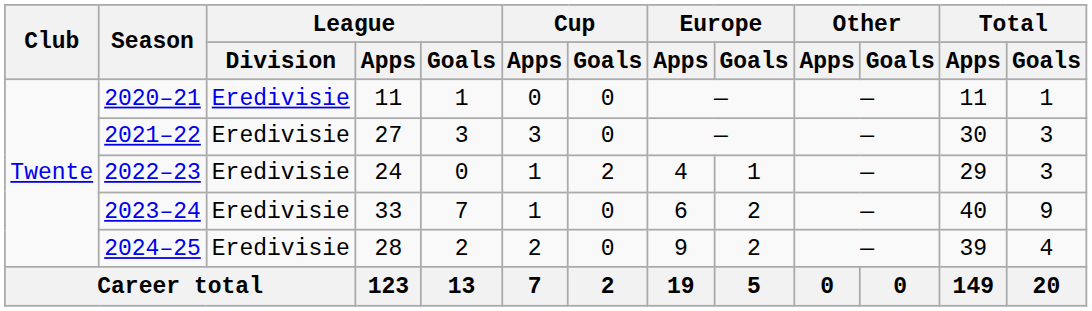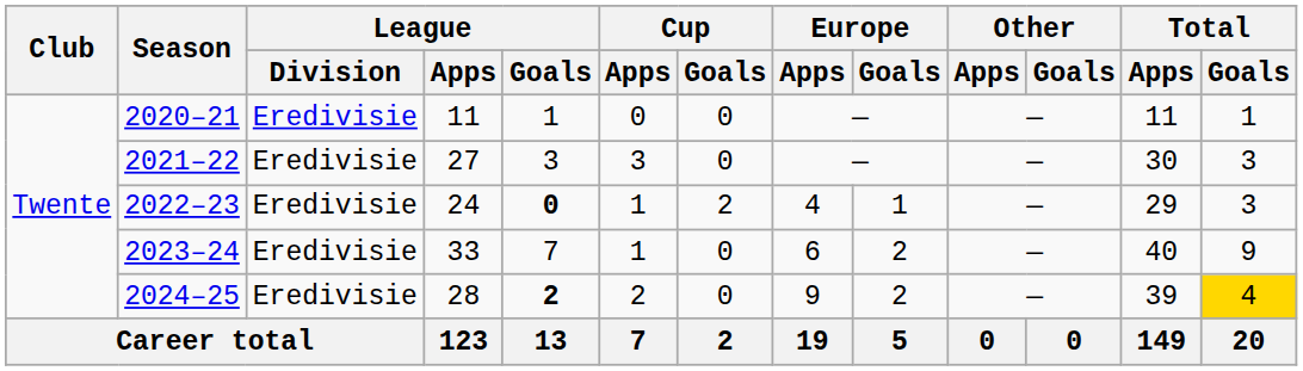 <table class="wikitable" style="text-align: center">
 <tr>
 <th rowspan="2">Club</th>
 <th rowspan="2">Season</th>
 <th colspan="3">League</th>
 <th colspan="2">Cup</th>
 <th colspan="2">Europe</th>
 <th colspan="2">Other</th>
 <th colspan="2">Total</th>
 </tr>
 <tr>
 <th>Division</th>
 <th>Apps</th>
 <th>Goals</th>
 <th>Apps</th>
 <th>Goals</th>
 <th>Apps</th>
 <th>Goals</th>
 <th>Apps</th>
 <th>Goals</th>
 <th>Apps</th>
 <th>Goals</th>
 </tr>
 <tr>
 <td rowspan="5"><a href='#'>Twente</a></td>
 <td><a href='#'>2020–21</a></td>
 <td><a href='#'>Eredivisie</a></td>
 <td>11</td>
 <td>1</td>
 <td>0</td>
 <td>0</td>
 <td colspan="2">—</td>
 <td colspan="2">—</td>
 <td>11</td>
 <td>1</td>
 </tr>
 <tr>
 <td><a href='#'>2021–22</a></td>
 <td>Eredivisie</td>
 <td>27</td>
 <td>3</td>
 <td>3</td>
 <td>0</td>
 <td colspan="2">—</td>
 <td colspan="2">—</td>
 <td>30</td>
 <td>3</td>
 </tr>
 <tr>
 <td><a href='#'>2022–23</a></td>
 <td>Eredivisie</td>
 <td>24</td>
-<td>0</td>
+<td><strong>0</strong></td>
 <td>1</td>
 <td>2</td>
 <td>4</td>
 <td>1</td>
 <td colspan="2">—</td>
 <td>29</td>
 <td>3</td>
 </tr>
 <tr>
 <td><a href='#'>2023–24</a></td>
 <td>Eredivisie</td>
 <td>33</td>
 <td>7</td>
 <td>1</td>
 <td>0</td>
 <td>6</td>
 <td>2</td>
 <td colspan="2">—</td>
 <td>40</td>
 <td>9</td>
 </tr>
 <tr>
 <td><a href='#'>2024–25</a></td>
 <td>Eredivisie</td>
 <td>28</td>
-<td>2</td>
+<td><strong>2</strong></td>
 <td>2</td>
 <td>0</td>
 <td>9</td>
 <td>2</td>
 <td colspan="2">—</td>
 <td>39</td>
-<td>4</td>
+<td style="background: gold;">4</td>
 </tr>
 <tr>
 <th colspan="3">Career total</th>
 <th>123</th>
 <th>13</th>
 <th>7</th>
 <th>2</th>
 <th>19</th>
 <th>5</th>
 <th>0</th>
 <th>0</th>
 <th>149</th>
 <th>20</th>
 </tr>
 </table>
